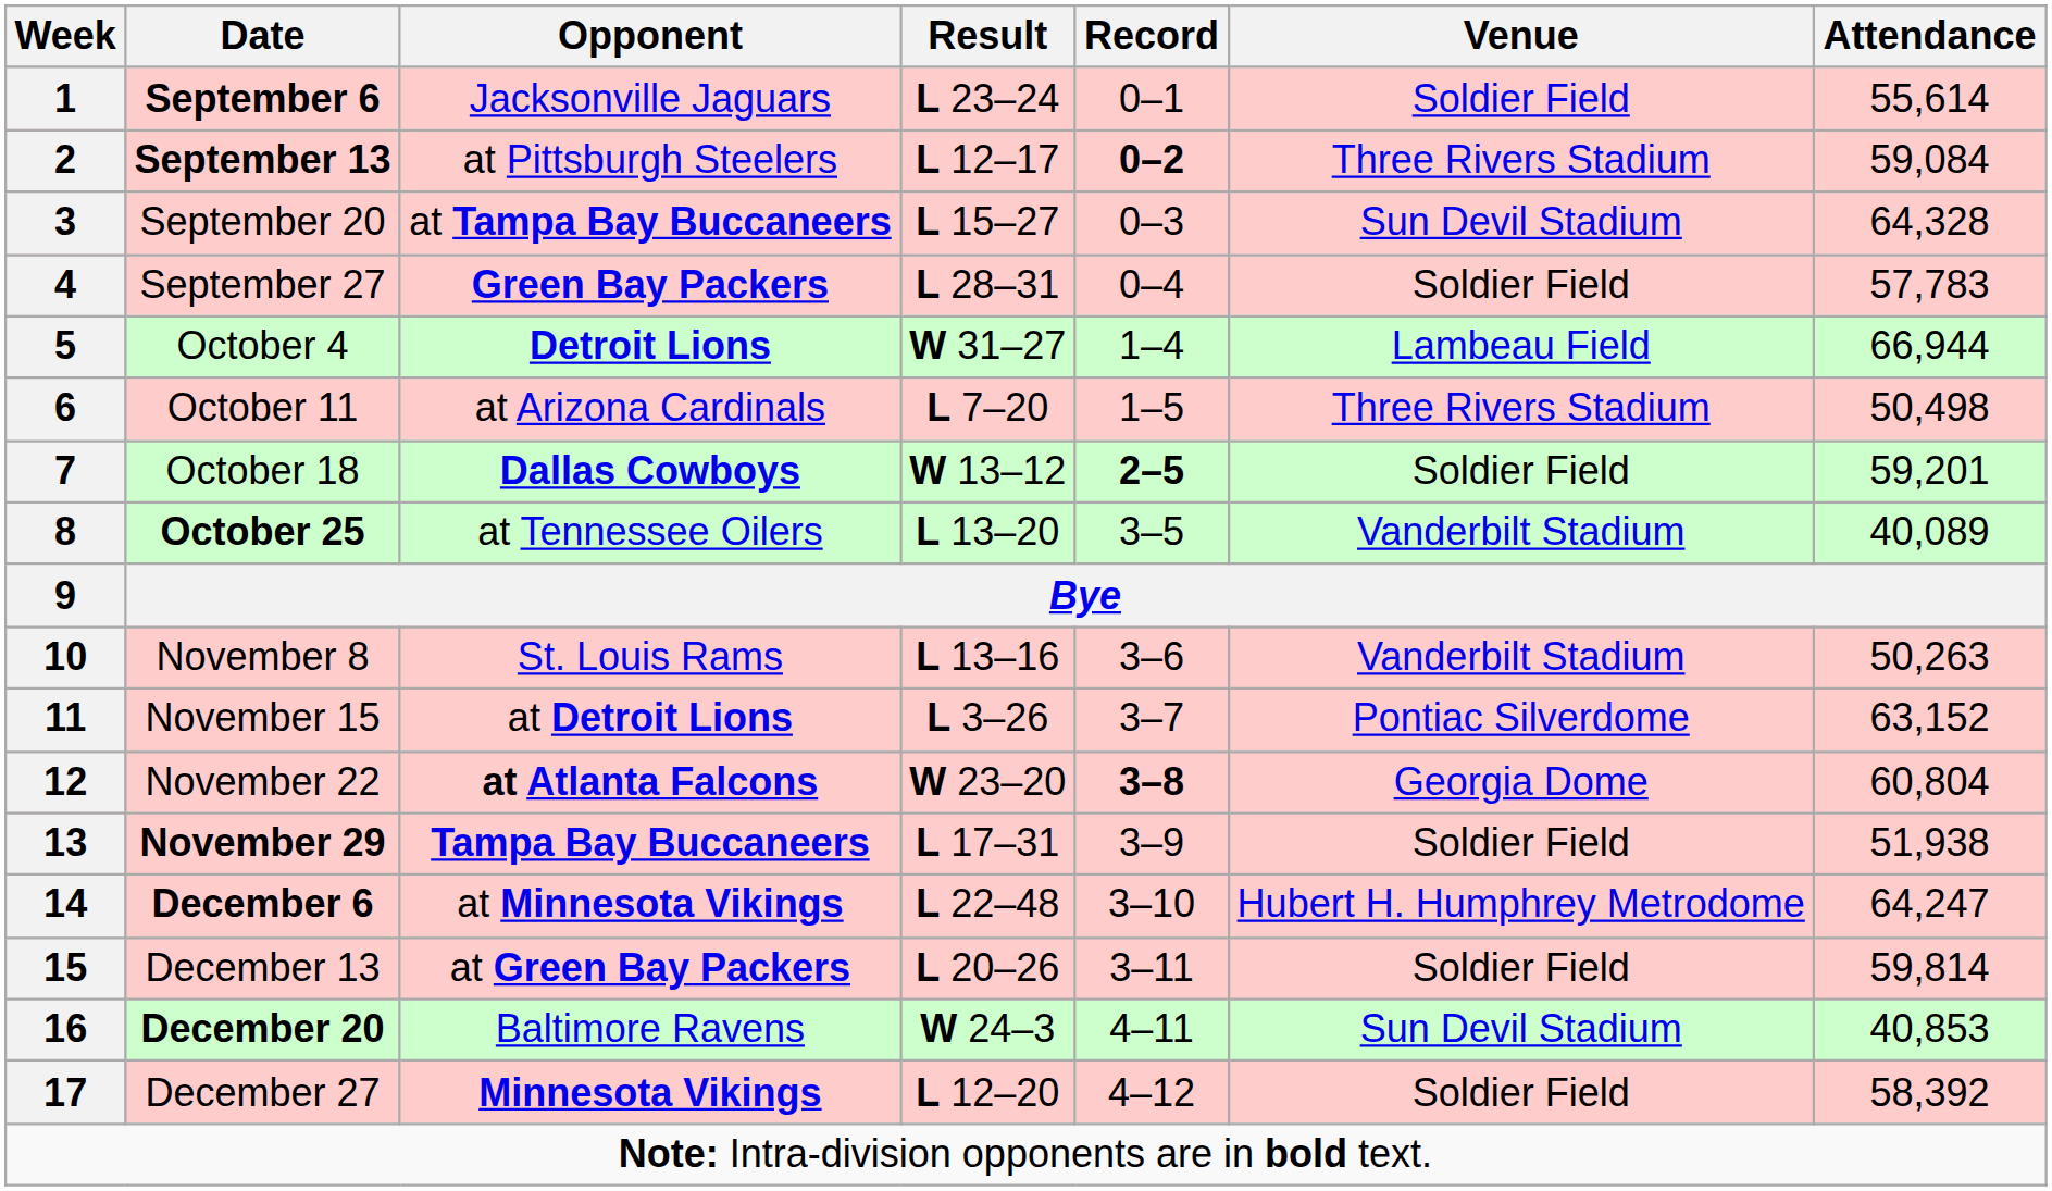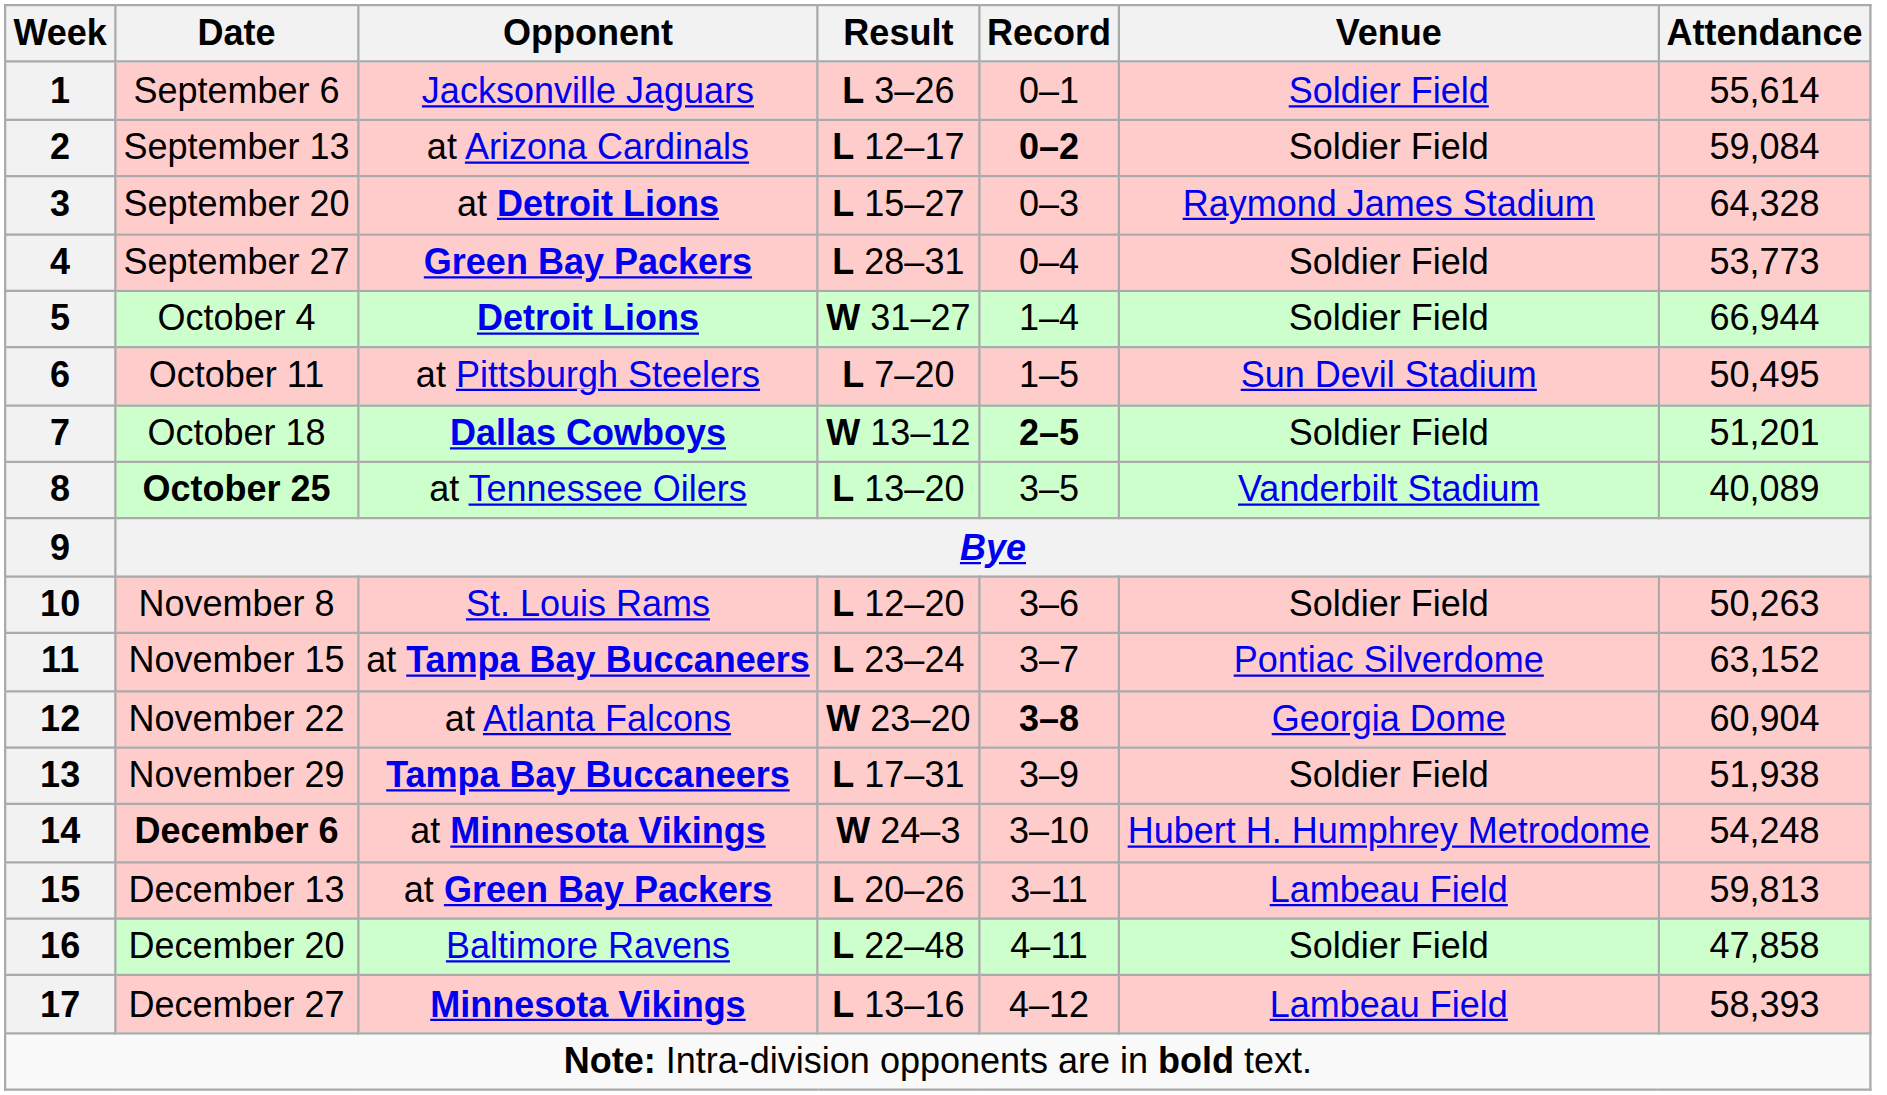 <table class="wikitable" style="text-align:center">
 <tr>
 <th>Week</th>
 <th>Date</th>
 <th>Opponent</th>
 <th>Result</th>
 <th>Record</th>
 <th>Venue</th>
 <th>Attendance</th>
 </tr>
 <tr style="background:#fcc">
 <th>1</th>
-<td><strong>September 6</strong></td>
+<td>September 6</td>
 <td><a href='#'>Jacksonville Jaguars</a></td>
-<td><strong>L</strong> 23–24</td>
+<td><strong>L</strong> 3–26</td>
 <td>0–1</td>
 <td><a href='#'>Soldier Field</a></td>
 <td>55,614</td>
 </tr>
 <tr style="background:#fcc">
 <th>2</th>
-<td><strong>September 13</strong></td>
-<td>at <a href='#'>Pittsburgh Steelers</a></td>
+<td>September 13</td>
+<td>at <a href='#'>Arizona Cardinals</a></td>
 <td><strong>L</strong> 12–17</td>
 <td><strong>0–2</strong></td>
-<td><a href='#'>Three Rivers Stadium</a></td>
+<td>Soldier Field</td>
 <td>59,084</td>
 </tr>
 <tr style="background:#fcc">
 <th>3</th>
 <td>September 20</td>
-<td>at <strong><a href='#'>Tampa Bay Buccaneers</a></strong></td>
+<td>at <strong><a href='#'>Detroit Lions</a></strong></td>
 <td><strong>L</strong> 15–27</td>
 <td>0–3</td>
-<td><a href='#'>Sun Devil Stadium</a></td>
+<td><a href='#'>Raymond James Stadium</a></td>
 <td>64,328</td>
 </tr>
 <tr style="background:#fcc">
 <th>4</th>
 <td>September 27</td>
 <td><strong><a href='#'>Green Bay Packers</a></strong></td>
 <td><strong>L</strong> 28–31</td>
 <td>0–4</td>
 <td>Soldier Field</td>
-<td>57,783</td>
+<td>53,773</td>
 </tr>
 <tr style="background:#cfc">
 <th>5</th>
 <td>October 4</td>
 <td><strong><a href='#'>Detroit Lions</a></strong></td>
 <td><strong>W</strong> 31–27</td>
 <td>1–4</td>
-<td><a href='#'>Lambeau Field</a></td>
+<td>Soldier Field</td>
 <td>66,944</td>
 </tr>
 <tr style="background:#fcc">
 <th>6</th>
 <td>October 11</td>
-<td>at <a href='#'>Arizona Cardinals</a></td>
+<td>at <a href='#'>Pittsburgh Steelers</a></td>
 <td><strong>L</strong> 7–20</td>
 <td>1–5</td>
-<td><a href='#'>Three Rivers Stadium</a></td>
-<td>50,498</td>
+<td><a href='#'>Sun Devil Stadium</a></td>
+<td>50,495</td>
 </tr>
 <tr style="background:#cfc">
 <th>7</th>
 <td>October 18</td>
 <td><strong><a href='#'>Dallas Cowboys</a></strong></td>
 <td><strong>W</strong> 13–12</td>
 <td><strong>2–5</strong></td>
 <td>Soldier Field</td>
-<td>59,201</td>
+<td>51,201</td>
 </tr>
 <tr style="background:#cfc">
 <th>8</th>
 <td><strong>October 25</strong></td>
 <td>at <a href='#'>Tennessee Oilers</a></td>
 <td><strong>L</strong> 13–20</td>
 <td>3–5</td>
 <td><a href='#'>Vanderbilt Stadium</a></td>
 <td>40,089</td>
 </tr>
 <tr>
 <th>9</th>
 <th colspan=6><em><a href='#'>Bye</a></em></th>
 </tr>
 <tr style="background:#fcc">
 <th>10</th>
 <td>November 8</td>
 <td><a href='#'>St. Louis Rams</a></td>
-<td><strong>L</strong> 13–16</td>
+<td><strong>L</strong> 12–20</td>
 <td>3–6</td>
-<td><a href='#'>Vanderbilt Stadium</a></td>
+<td>Soldier Field</td>
 <td>50,263</td>
 </tr>
 <tr style="background:#fcc">
 <th>11</th>
 <td>November 15</td>
-<td>at <strong><a href='#'>Detroit Lions</a></strong></td>
-<td><strong>L</strong> 3–26</td>
+<td>at <strong><a href='#'>Tampa Bay Buccaneers</a></strong></td>
+<td><strong>L</strong> 23–24</td>
 <td>3–7</td>
 <td><a href='#'>Pontiac Silverdome</a></td>
 <td>63,152</td>
 </tr>
 <tr style="background:#fcc">
 <th>12</th>
 <td>November 22</td>
-<td><strong>at <a href='#'>Atlanta Falcons</a></strong></td>
+<td>at <a href='#'>Atlanta Falcons</a></td>
 <td><strong>W</strong> 23–20</td>
 <td><strong>3–8</strong></td>
 <td><a href='#'>Georgia Dome</a></td>
-<td>60,804</td>
+<td>60,904</td>
 </tr>
 <tr style="background:#fcc">
 <th>13</th>
-<td><strong>November 29</strong></td>
+<td>November 29</td>
 <td><strong><a href='#'>Tampa Bay Buccaneers</a></strong></td>
 <td><strong>L</strong> 17–31</td>
 <td>3–9</td>
 <td>Soldier Field</td>
 <td>51,938</td>
 </tr>
 <tr style="background:#fcc">
 <th>14</th>
 <td><strong>December 6</strong></td>
 <td>at <strong><a href='#'>Minnesota Vikings</a></strong></td>
-<td><strong>L</strong> 22–48</td>
+<td><strong>W</strong> 24–3</td>
 <td>3–10</td>
 <td><a href='#'>Hubert H. Humphrey Metrodome</a></td>
-<td>64,247</td>
+<td>54,248</td>
 </tr>
 <tr style="background:#fcc">
 <th>15</th>
 <td>December 13</td>
 <td>at <strong><a href='#'>Green Bay Packers</a></strong></td>
 <td><strong>L</strong> 20–26</td>
 <td>3–11</td>
-<td>Soldier Field</td>
-<td>59,814</td>
+<td><a href='#'>Lambeau Field</a></td>
+<td>59,813</td>
 </tr>
 <tr style="background:#cfc">
 <th>16</th>
-<td><strong>December 20</strong></td>
+<td>December 20</td>
 <td><a href='#'>Baltimore Ravens</a></td>
-<td><strong>W</strong> 24–3</td>
+<td><strong>L</strong> 22–48</td>
 <td>4–11</td>
-<td><a href='#'>Sun Devil Stadium</a></td>
-<td>40,853</td>
+<td>Soldier Field</td>
+<td>47,858</td>
 </tr>
 <tr style="background:#fcc">
 <th>17</th>
 <td>December 27</td>
 <td><strong><a href='#'>Minnesota Vikings</a></strong></td>
-<td><strong>L</strong> 12–20</td>
+<td><strong>L</strong> 13–16</td>
 <td>4–12</td>
-<td>Soldier Field</td>
-<td>58,392</td>
+<td><a href='#'>Lambeau Field</a></td>
+<td>58,393</td>
 </tr>
 <tr>
 <td colspan="7"><strong>Note:</strong> Intra-division opponents are in <strong>bold</strong> text.</td>
 </tr>
 </table>
